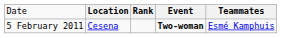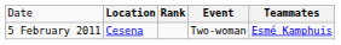 <table class="wikitable sortable" style="font-size:90%" style="text-align:center">
 <tr>
 <td>Date</td>
 <th>Location</th>
 <th>Rank</th>
 <th>Event</th>
 <th>Teammates</th>
 </tr>
 <tr>
 <td>5 February 2011</td>
 <td><a href='#'>Cesena</a></td>
 <td></td>
-<td><strong>Two-woman</strong></td>
+<td>Two-woman</td>
 <td><a href='#'>Esmé Kamphuis</a></td>
 </tr>
 </table>
